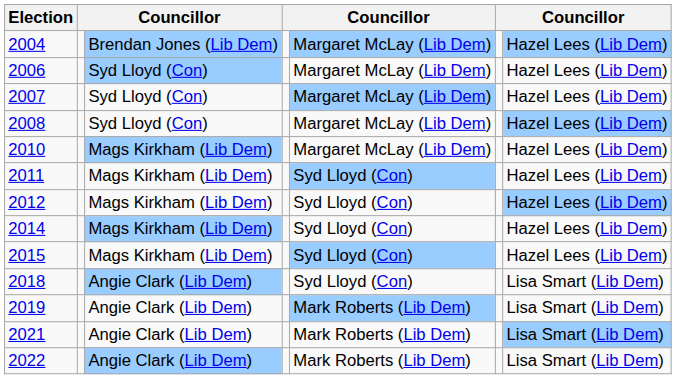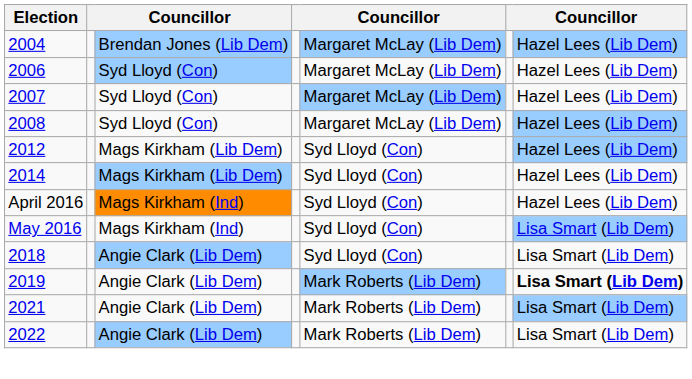 <table class="wikitable">
 <tr>
 <th>Election</th>
 <th colspan="2">Councillor</th>
 <th colspan="2">Councillor</th>
 <th colspan="2">Councillor</th>
 </tr>
 <tr>
 <td><a href='#'>2004</a></td>
 <td style="background-color: "></td>
 <td bgcolor="#99CCFF">Brendan Jones (<a href='#'>Lib Dem</a>)</td>
 <td style="background-color: "></td>
 <td bgcolor="#99CCFF">Margaret McLay (<a href='#'>Lib Dem</a>)</td>
 <td style="background-color: "></td>
 <td bgcolor="#99CCFF">Hazel Lees (<a href='#'>Lib Dem</a>)</td>
 </tr>
 <tr>
 <td><a href='#'>2006</a></td>
 <td style="background-color: "></td>
 <td bgcolor="#99CCFF">Syd Lloyd (<a href='#'>Con</a>)</td>
 <td style="background-color: "></td>
 <td>Margaret McLay (<a href='#'>Lib Dem</a>)</td>
 <td style="background-color: "></td>
 <td>Hazel Lees (<a href='#'>Lib Dem</a>)</td>
 </tr>
 <tr>
 <td><a href='#'>2007</a></td>
 <td style="background-color: "></td>
 <td>Syd Lloyd (<a href='#'>Con</a>)</td>
 <td style="background-color: "></td>
 <td bgcolor="#99CCFF">Margaret McLay (<a href='#'>Lib Dem</a>)</td>
 <td style="background-color: "></td>
 <td>Hazel Lees (<a href='#'>Lib Dem</a>)</td>
 </tr>
 <tr>
 <td><a href='#'>2008</a></td>
 <td style="background-color: "></td>
 <td>Syd Lloyd (<a href='#'>Con</a>)</td>
 <td style="background-color: "></td>
 <td>Margaret McLay (<a href='#'>Lib Dem</a>)</td>
 <td style="background-color: "></td>
 <td bgcolor="#99CCFF">Hazel Lees (<a href='#'>Lib Dem</a>)</td>
 </tr>
 <tr>
-<td><a href='#'>2010</a></td>
-<td style="background-color: "></td>
-<td bgcolor="#99CCFF">Mags Kirkham (<a href='#'>Lib Dem</a>)</td>
-<td style="background-color: "></td>
-<td>Margaret McLay (<a href='#'>Lib Dem</a>)</td>
-<td style="background-color: "></td>
-<td>Hazel Lees (<a href='#'>Lib Dem</a>)</td>
-</tr>
-<tr>
-<td><a href='#'>2011</a></td>
-<td style="background-color: "></td>
-<td>Mags Kirkham (<a href='#'>Lib Dem</a>)</td>
-<td style="background-color: "></td>
-<td bgcolor="#99CCFF">Syd Lloyd (<a href='#'>Con</a>)</td>
-<td style="background-color: "></td>
-<td>Hazel Lees (<a href='#'>Lib Dem</a>)</td>
-</tr>
-<tr>
 <td><a href='#'>2012</a></td>
 <td style="background-color: "></td>
 <td>Mags Kirkham (<a href='#'>Lib Dem</a>)</td>
 <td style="background-color: "></td>
 <td>Syd Lloyd (<a href='#'>Con</a>)</td>
 <td style="background-color: "></td>
 <td bgcolor="#99CCFF">Hazel Lees (<a href='#'>Lib Dem</a>)</td>
 </tr>
 <tr>
 <td><a href='#'>2014</a></td>
 <td style="background-color: "></td>
 <td bgcolor="#99CCFF">Mags Kirkham (<a href='#'>Lib Dem</a>)</td>
 <td style="background-color: "></td>
 <td>Syd Lloyd (<a href='#'>Con</a>)</td>
 <td style="background-color: "></td>
 <td>Hazel Lees (<a href='#'>Lib Dem</a>)</td>
 </tr>
 <tr>
-<td><a href='#'>2015</a></td>
+<td>April 2016</td>
 <td style="background-color: "></td>
-<td>Mags Kirkham (<a href='#'>Lib Dem</a>)</td>
+<td bgcolor="#FF8C00">Mags Kirkham (<a href='#'>Ind</a>)</td>
 <td style="background-color: "></td>
-<td bgcolor="#99CCFF">Syd Lloyd (<a href='#'>Con</a>)</td>
+<td>Syd Lloyd (<a href='#'>Con</a>)</td>
 <td style="background-color: "></td>
 <td>Hazel Lees (<a href='#'>Lib Dem</a>)</td>
+</tr>
+<tr>
+<td><a href='#'>May 2016</a></td>
+<td style="background-color: "></td>
+<td>Mags Kirkham (<a href='#'>Ind</a>)</td>
+<td style="background-color: "></td>
+<td>Syd Lloyd (<a href='#'>Con</a>)</td>
+<td style="background-color: "></td>
+<td bgcolor="#99CCFF"><a href='#'>Lisa Smart</a> (<a href='#'>Lib Dem</a>)</td>
 </tr>
 <tr>
 <td><a href='#'>2018</a></td>
 <td style="background-color: "></td>
 <td bgcolor="#99CCFF">Angie Clark (<a href='#'>Lib Dem</a>)</td>
 <td style="background-color: "></td>
 <td>Syd Lloyd (<a href='#'>Con</a>)</td>
 <td style="background-color: "></td>
 <td>Lisa Smart (<a href='#'>Lib Dem</a>)</td>
 </tr>
 <tr>
 <td><a href='#'>2019</a></td>
 <td style="background-color: "></td>
 <td>Angie Clark (<a href='#'>Lib Dem</a>)</td>
 <td style="background-color: "></td>
 <td bgcolor="#99CCFF">Mark Roberts (<a href='#'>Lib Dem</a>)</td>
 <td style="background-color: "></td>
-<td>Lisa Smart (<a href='#'>Lib Dem</a>)</td>
+<td><strong>Lisa Smart (<a href='#'>Lib Dem</a>)</strong></td>
 </tr>
 <tr>
 <td><a href='#'>2021</a></td>
 <td style="background-color: "></td>
 <td>Angie Clark (<a href='#'>Lib Dem</a>)</td>
 <td style="background-color: "></td>
 <td>Mark Roberts (<a href='#'>Lib Dem</a>)</td>
 <td style="background-color: "></td>
 <td bgcolor="#99CCFF">Lisa Smart (<a href='#'>Lib Dem</a>)</td>
 </tr>
 <tr>
 <td><a href='#'>2022</a></td>
 <td style="background-color: "></td>
 <td bgcolor="#99CCFF">Angie Clark (<a href='#'>Lib Dem</a>)</td>
 <td style="background-color: "></td>
 <td>Mark Roberts (<a href='#'>Lib Dem</a>)</td>
 <td style="background-color: "></td>
 <td>Lisa Smart (<a href='#'>Lib Dem</a>)</td>
 </tr>
 </table>
